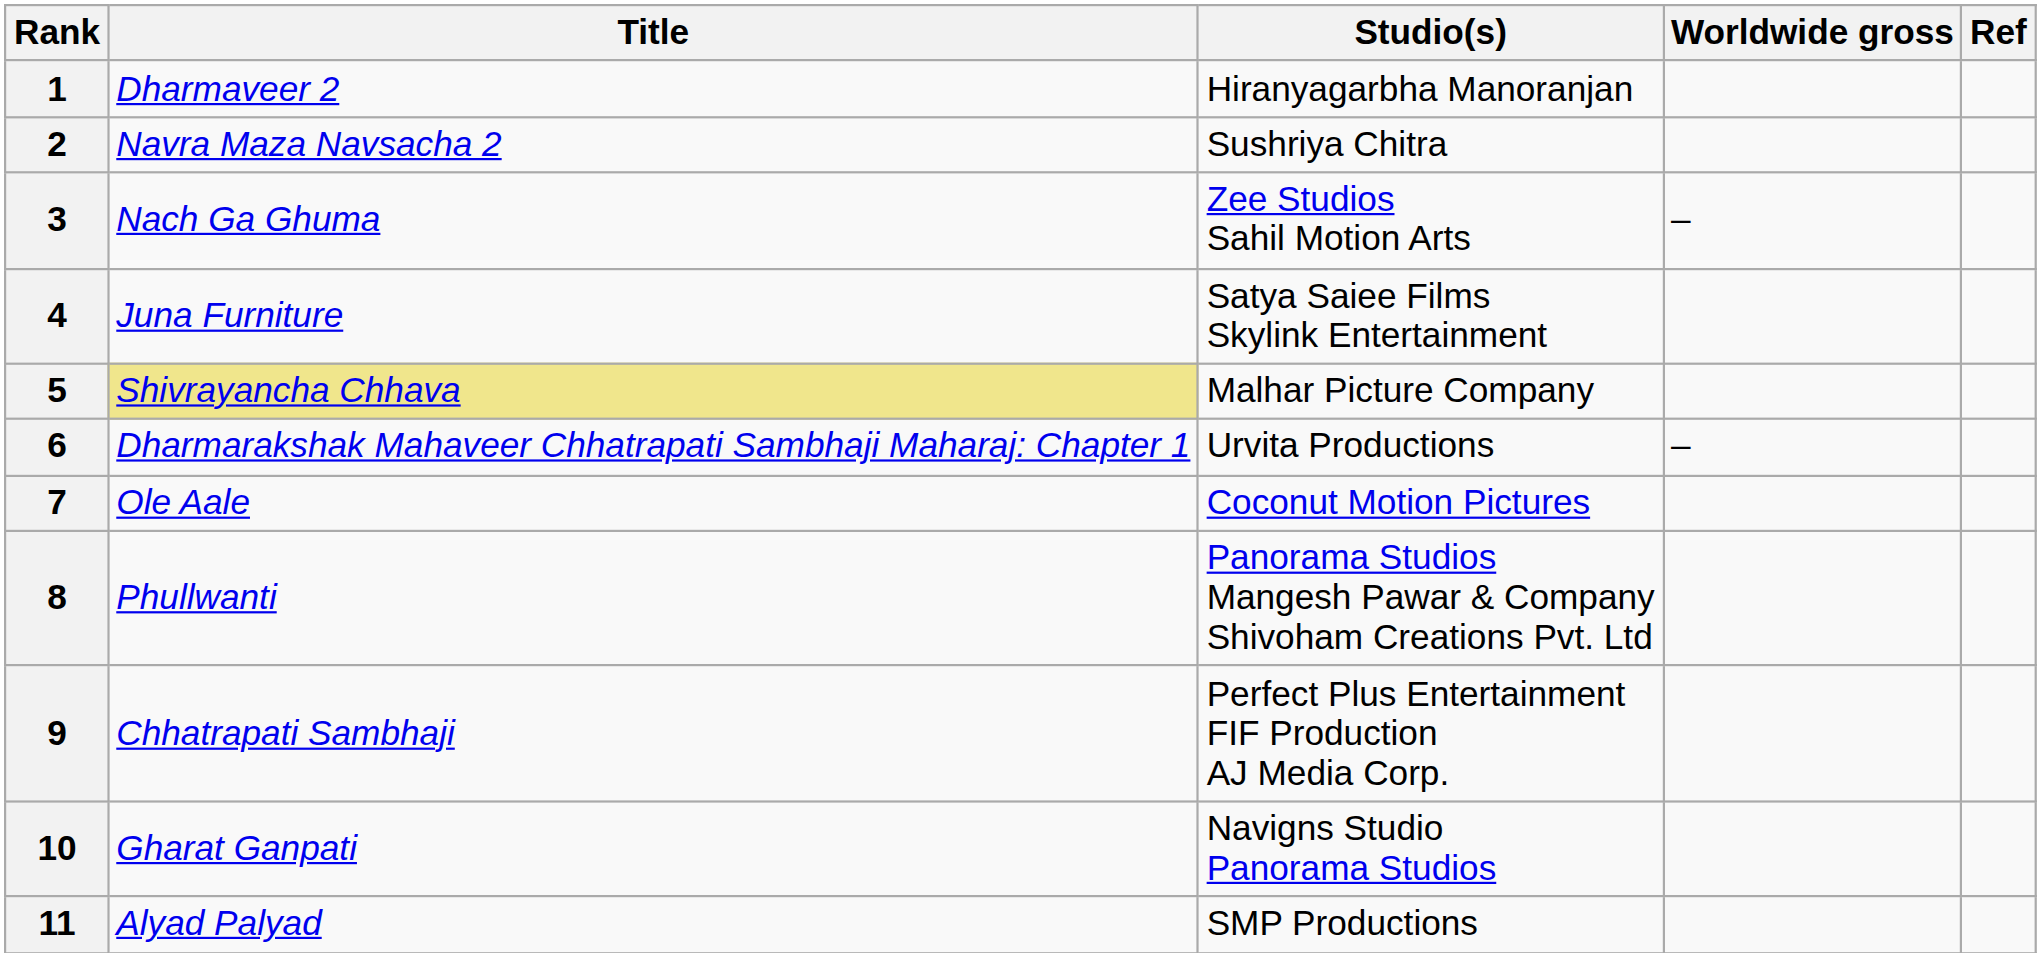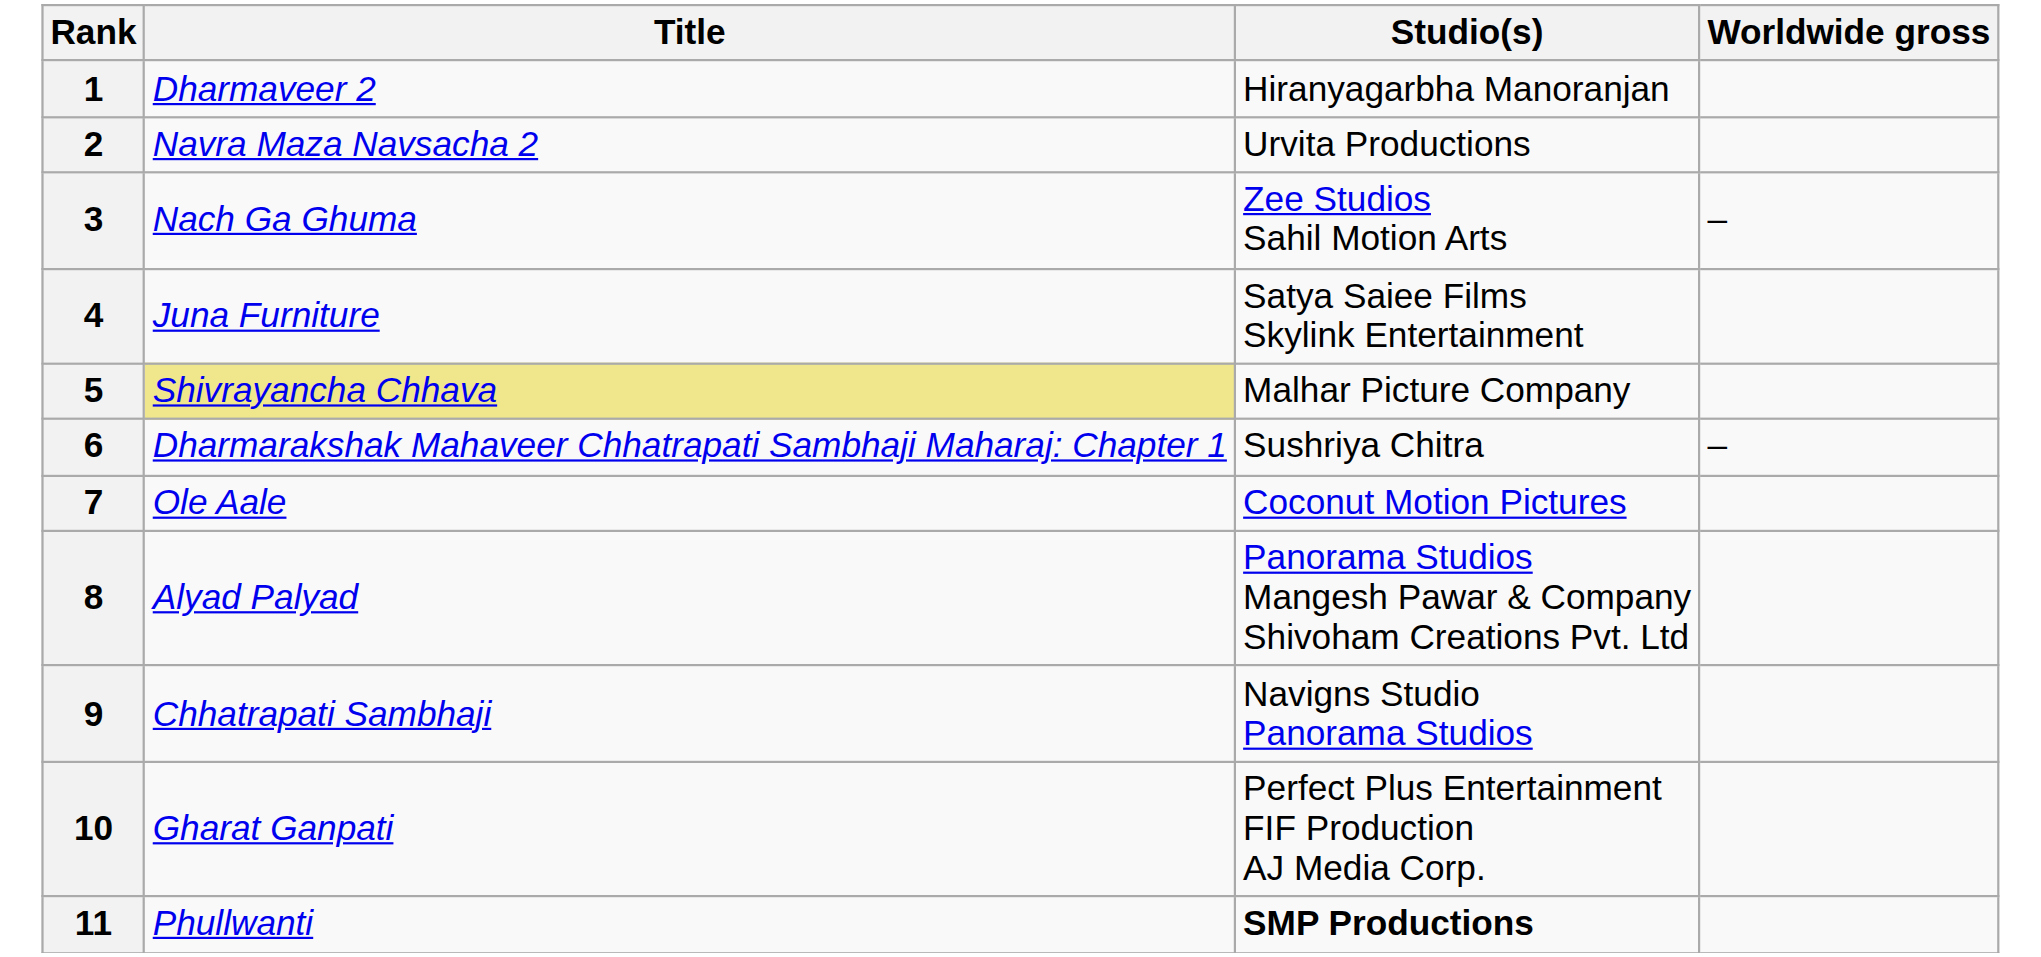 <table class="wikitable sortable" style="margin:auto; margin:auto;">
 <tr>
 <th>Rank</th>
 <th>Title</th>
 <th>Studio(s)</th>
 <th>Worldwide gross</th>
-<th>Ref</th>
 </tr>
 <tr>
 <th>1</th>
 <td style="text-align:left;"><em><a href='#'>Dharmaveer 2</a></em></td>
 <td>Hiranyagarbha Manoranjan</td>
 <td></td>
-<td></td>
 </tr>
 <tr>
 <th>2</th>
 <td style="text-align:left;"><em><a href='#'>Navra Maza Navsacha 2</a></em></td>
-<td>Sushriya Chitra</td>
-<td></td>
+<td>Urvita Productions</td>
 <td></td>
 </tr>
 <tr>
 <th>3</th>
 <td style="text-align:left;"><em><a href='#'>Nach Ga Ghuma</a></em></td>
 <td><a href='#'>Zee Studios</a><br>Sahil Motion Arts</td>
 <td>–</td>
-<td></td>
 </tr>
 <tr>
 <th>4</th>
 <td style="text-align:left;"><em><a href='#'>Juna Furniture</a></em></td>
 <td>Satya Saiee Films<br>Skylink Entertainment</td>
-<td></td>
 <td></td>
 </tr>
 <tr>
 <th style="text-align:center;">5</th>
 <td style="background: khaki;"><em><a href='#'>Shivrayancha Chhava</a></em></td>
 <td>Malhar Picture Company</td>
 <td></td>
-<td></td>
 </tr>
 <tr>
 <th>6</th>
 <td style="text- align:left;"><em><a href='#'>Dharmarakshak Mahaveer Chhatrapati Sambhaji Maharaj: Chapter 1</a></em></td>
-<td>Urvita Productions</td>
+<td>Sushriya Chitra</td>
 <td>–</td>
-<td></td>
 </tr>
 <tr>
 <th>7</th>
 <td><em><a href='#'>Ole Aale</a></em></td>
 <td><a href='#'>Coconut Motion Pictures</a></td>
 <td></td>
-<td></td>
 </tr>
 <tr>
 <th>8</th>
-<td style="text-align:left;"><em><a href='#'>Phullwanti</a></em></td>
+<td><em><a href='#'>Alyad Palyad</a></em></td>
 <td><a href='#'>Panorama Studios</a><br>Mangesh Pawar & Company<br>Shivoham Creations Pvt. Ltd</td>
-<td></td>
 <td></td>
 </tr>
 <tr>
 <th>9</th>
 <td><a href='#'><em>Chhatrapati Sambhaji</em></a></td>
-<td>Perfect Plus Entertainment<br>FIF Production<br>AJ Media Corp.</td>
-<td></td>
+<td>Navigns Studio<br><a href='#'>Panorama Studios</a></td>
 <td></td>
 </tr>
 <tr>
 <th>10</th>
 <td><em><a href='#'>Gharat Ganpati</a></em></td>
-<td>Navigns Studio<br><a href='#'>Panorama Studios</a></td>
-<td></td>
+<td>Perfect Plus Entertainment<br>FIF Production<br>AJ Media Corp.</td>
 <td></td>
 </tr>
 <tr>
 <th>11</th>
-<td><em><a href='#'>Alyad Palyad</a></em></td>
-<td>SMP Productions</td>
-<td></td>
+<td style="text-align:left;"><em><a href='#'>Phullwanti</a></em></td>
+<td><strong>SMP Productions</strong></td>
 <td></td>
 </tr>
 </table>
